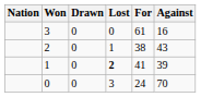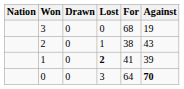 <table class="wikitable">
 <tr>
 <th>Nation</th>
 <th>Won</th>
 <th>Drawn</th>
 <th>Lost</th>
 <th>For</th>
 <th>Against</th>
 </tr>
 <tr>
 <td></td>
 <td>3</td>
 <td>0</td>
 <td>0</td>
-<td>61</td>
-<td>16</td>
+<td>68</td>
+<td>19</td>
 </tr>
 <tr>
 <td></td>
 <td>2</td>
 <td>0</td>
 <td>1</td>
 <td>38</td>
 <td>43</td>
 </tr>
 <tr>
 <td></td>
 <td>1</td>
 <td>0</td>
 <td><strong>2</strong></td>
 <td>41</td>
 <td>39</td>
 </tr>
 <tr>
 <td></td>
 <td>0</td>
 <td>0</td>
 <td>3</td>
-<td>24</td>
-<td>70</td>
+<td>64</td>
+<td><strong>70</strong></td>
 </tr>
 </table>
